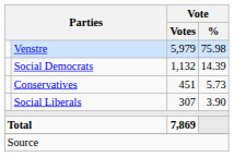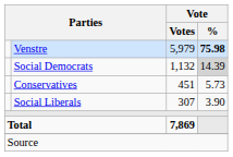 <table class="wikitable" style="text-align:right;">
 <tr>
 <th style="text-align:centre;" rowspan="2" colspan="2" width="225">Parties</th>
 <th colspan="3">Vote</th>
 </tr>
 <tr>
 <th width="15">Votes</th>
 <th width="15">%</th>
 </tr>
 <tr>
 <td width="2" style="color:inherit;background:"></td>
 <td bgcolor=#cfe5fe  align="left"><a href='#'>Venstre</a></td>
 <td bgcolor=#cfe5fe>5,979</td>
-<td bgcolor=#cfe5fe>75.98</td>
+<td bgcolor=#cfe5fe><strong>75.98</strong></td>
 </tr>
 <tr>
 <td width="2" style="color:inherit;background:"></td>
 <td align="left"><a href='#'>Social Democrats</a></td>
 <td>1,132</td>
-<td>14.39</td>
+<td style="background: lightgrey;">14.39</td>
 </tr>
 <tr>
 <td width="2" style="color:inherit;background:"></td>
 <td align="left"><a href='#'>Conservatives</a></td>
 <td>451</td>
 <td>5.73</td>
 </tr>
 <tr>
 <td width="2" style="color:inherit;background:"></td>
 <td align="left"><a href='#'>Social Liberals</a></td>
 <td>307</td>
 <td>3.90</td>
 </tr>
 <tr>
 <td colspan="7" bgcolor="#E9E9E9"></td>
 </tr>
 <tr>
 <td align="left" colspan="2"><strong>Total</strong></td>
 <td><strong>7,869</strong></td>
 <td bgcolor="#E9E9E9" colspan="2"></td>
 </tr>
 <tr>
 </tr>
 <tr>
 <td align="left" colspan="6">Source</td>
 </tr>
 </table>
